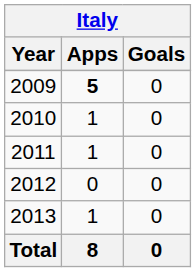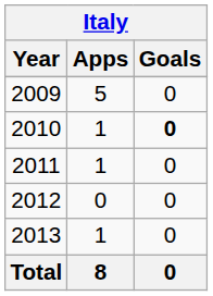 <table class="wikitable" style="text-align:center">
 <tr>
 <th colspan=3><a href='#'>Italy</a></th>
 </tr>
 <tr>
 <th>Year</th>
 <th>Apps</th>
 <th>Goals</th>
 </tr>
 <tr>
 </tr>
 <tr>
 <td>2009</td>
-<td><strong>5</strong></td>
+<td>5</td>
 <td>0</td>
 </tr>
 <tr>
 <td>2010</td>
 <td>1</td>
-<td>0</td>
+<td><strong>0</strong></td>
 </tr>
 <tr>
 <td>2011</td>
 <td>1</td>
 <td>0</td>
 </tr>
 <tr>
 <td>2012</td>
 <td>0</td>
 <td>0</td>
 </tr>
 <tr>
 <td>2013</td>
 <td>1</td>
 <td>0</td>
 </tr>
 <tr>
 <th>Total</th>
 <th>8</th>
 <th>0</th>
 </tr>
 </table>
